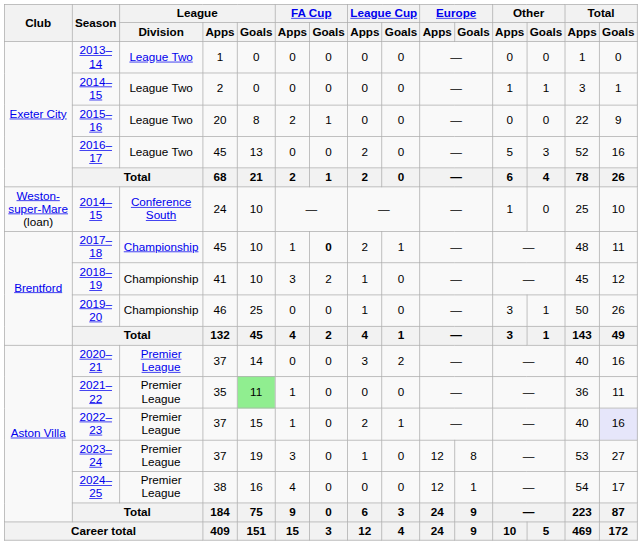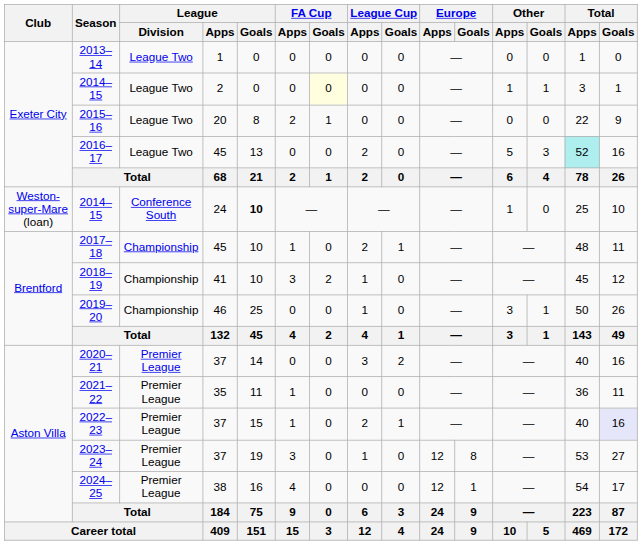 <table class="wikitable" style="text-align: center;">
 <tr>
 <th rowspan="2">Club</th>
 <th rowspan="2">Season</th>
 <th colspan="3">League</th>
 <th colspan="2"><a href='#'>FA Cup</a></th>
 <th colspan="2"><a href='#'>League Cup</a></th>
 <th colspan="2"><a href='#'>Europe</a></th>
 <th colspan="2">Other</th>
 <th colspan="2">Total</th>
 </tr>
 <tr>
 <th>Division</th>
 <th>Apps</th>
 <th>Goals</th>
 <th>Apps</th>
 <th>Goals</th>
 <th>Apps</th>
 <th>Goals</th>
 <th>Apps</th>
 <th>Goals</th>
 <th>Apps</th>
 <th>Goals</th>
 <th>Apps</th>
 <th>Goals</th>
 </tr>
 <tr>
 <td rowspan="5"><a href='#'>Exeter City</a></td>
 <td><a href='#'>2013–14</a></td>
 <td><a href='#'>League Two</a></td>
 <td>1</td>
 <td>0</td>
 <td>0</td>
 <td>0</td>
 <td>0</td>
 <td>0</td>
 <td colspan="2">—</td>
 <td>0</td>
 <td>0</td>
 <td>1</td>
 <td>0</td>
 </tr>
 <tr>
 <td><a href='#'>2014–15</a></td>
 <td>League Two</td>
 <td>2</td>
 <td>0</td>
 <td>0</td>
-<td>0</td>
+<td style="background: lightyellow;">0</td>
 <td>0</td>
 <td>0</td>
 <td colspan="2">—</td>
 <td>1</td>
 <td>1</td>
 <td>3</td>
 <td>1</td>
 </tr>
 <tr>
 <td><a href='#'>2015–16</a></td>
 <td>League Two</td>
 <td>20</td>
 <td>8</td>
 <td>2</td>
 <td>1</td>
 <td>0</td>
 <td>0</td>
 <td colspan="2">—</td>
 <td>0</td>
 <td>0</td>
 <td>22</td>
 <td>9</td>
 </tr>
 <tr>
 <td><a href='#'>2016–17</a></td>
 <td>League Two</td>
 <td>45</td>
 <td>13</td>
 <td>0</td>
 <td>0</td>
 <td>2</td>
 <td>0</td>
 <td colspan="2">—</td>
 <td>5</td>
 <td>3</td>
-<td>52</td>
+<td style="background: paleturquoise;">52</td>
 <td>16</td>
 </tr>
 <tr>
 <th colspan="2">Total</th>
 <th>68</th>
 <th>21</th>
 <th>2</th>
 <th>1</th>
 <th>2</th>
 <th>0</th>
 <th colspan="2">—</th>
 <th>6</th>
 <th>4</th>
 <th>78</th>
 <th>26</th>
 </tr>
 <tr>
 <td><a href='#'>Weston-super-Mare</a> (loan)</td>
 <td><a href='#'>2014–15</a></td>
 <td><a href='#'>Conference South</a></td>
 <td>24</td>
-<td>10</td>
+<td><strong>10</strong></td>
 <td colspan="2">—</td>
 <td colspan="2">—</td>
 <td colspan="2">—</td>
 <td>1</td>
 <td>0</td>
 <td>25</td>
 <td>10</td>
 </tr>
 <tr>
 <td rowspan="4"><a href='#'>Brentford</a></td>
 <td><a href='#'>2017–18</a></td>
 <td><a href='#'>Championship</a></td>
 <td>45</td>
 <td>10</td>
 <td>1</td>
-<td><strong>0</strong></td>
+<td>0</td>
 <td>2</td>
 <td>1</td>
 <td colspan="2">—</td>
 <td colspan="2">—</td>
 <td>48</td>
 <td>11</td>
 </tr>
 <tr>
 <td><a href='#'>2018–19</a></td>
 <td>Championship</td>
 <td>41</td>
 <td>10</td>
 <td>3</td>
 <td>2</td>
 <td>1</td>
 <td>0</td>
 <td colspan="2">—</td>
 <td colspan="2">—</td>
 <td>45</td>
 <td>12</td>
 </tr>
 <tr>
 <td><a href='#'>2019–20</a></td>
 <td>Championship</td>
 <td>46</td>
 <td>25</td>
 <td>0</td>
 <td>0</td>
 <td>1</td>
 <td>0</td>
 <td colspan="2">—</td>
 <td>3</td>
 <td>1</td>
 <td>50</td>
 <td>26</td>
 </tr>
 <tr>
 <th colspan="2">Total</th>
 <th>132</th>
 <th>45</th>
 <th>4</th>
 <th>2</th>
 <th>4</th>
 <th>1</th>
 <th colspan="2">—</th>
 <th>3</th>
 <th>1</th>
 <th>143</th>
 <th>49</th>
 </tr>
 <tr>
 <td rowspan="6"><a href='#'>Aston Villa</a></td>
 <td><a href='#'>2020–21</a></td>
 <td><a href='#'>Premier League</a></td>
 <td>37</td>
 <td>14</td>
 <td>0</td>
 <td>0</td>
 <td>3</td>
 <td>2</td>
 <td colspan="2">—</td>
 <td colspan="2">—</td>
 <td>40</td>
 <td>16</td>
 </tr>
 <tr>
 <td><a href='#'>2021–22</a></td>
 <td>Premier League</td>
 <td>35</td>
-<td style="background: lightgreen;">11</td>
+<td>11</td>
 <td>1</td>
 <td>0</td>
 <td>0</td>
 <td>0</td>
 <td colspan="2">—</td>
 <td colspan="2">—</td>
 <td>36</td>
 <td>11</td>
 </tr>
 <tr>
 <td><a href='#'>2022–23</a></td>
 <td>Premier League</td>
 <td>37</td>
 <td>15</td>
 <td>1</td>
 <td>0</td>
 <td>2</td>
 <td>1</td>
 <td colspan="2">—</td>
 <td colspan="2">—</td>
 <td>40</td>
 <td style="background: lavender;">16</td>
 </tr>
 <tr>
 <td><a href='#'>2023–24</a></td>
 <td>Premier League</td>
 <td>37</td>
 <td>19</td>
 <td>3</td>
 <td>0</td>
 <td>1</td>
 <td>0</td>
 <td>12</td>
 <td>8</td>
 <td colspan="2">—</td>
 <td>53</td>
 <td>27</td>
 </tr>
 <tr>
 <td><a href='#'>2024–25</a></td>
 <td>Premier League</td>
 <td>38</td>
 <td>16</td>
 <td>4</td>
 <td>0</td>
 <td>0</td>
 <td>0</td>
 <td>12</td>
 <td>1</td>
 <td colspan="2">—</td>
 <td>54</td>
 <td>17</td>
 </tr>
 <tr>
 <th colspan="2">Total</th>
 <th>184</th>
 <th>75</th>
 <th>9</th>
 <th>0</th>
 <th>6</th>
 <th>3</th>
 <th>24</th>
 <th>9</th>
 <th colspan="2">—</th>
 <th>223</th>
 <th>87</th>
 </tr>
 <tr>
 <th colspan="3">Career total</th>
 <th>409</th>
 <th>151</th>
 <th>15</th>
 <th>3</th>
 <th>12</th>
 <th>4</th>
 <th>24</th>
 <th>9</th>
 <th>10</th>
 <th>5</th>
 <th>469</th>
 <th>172</th>
 </tr>
 </table>
